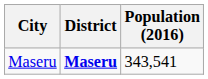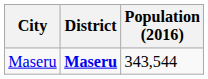 <table class="wikitable sortable sticky-header col3right">
 <tr>
 <th>City</th>
 <th>District</th>
 <th>Population<br>(2016)</th>
 </tr>
 <tr>
 <td><a href='#'>Maseru</a></td>
 <td><strong><a href='#'>Maseru</a></strong></td>
-<td>343,541</td>
+<td>343,544</td>
 </tr>
 </table>
